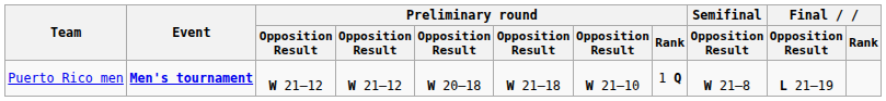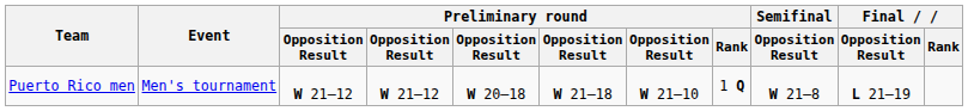 <table class=wikitable style=font-size:90%;text-align:center>
 <tr>
 <th rowspan=2>Team</th>
 <th rowspan=2>Event</th>
 <th colspan=6>Preliminary round</th>
 <th>Semifinal</th>
 <th colspan=2>Final /  / </th>
 </tr>
 <tr style=font-size:95%>
 <th>Opposition<br>Result</th>
 <th>Opposition<br>Result</th>
 <th>Opposition<br>Result</th>
 <th>Opposition<br>Result</th>
 <th>Opposition<br>Result</th>
 <th>Rank</th>
 <th>Opposition<br>Result</th>
 <th>Opposition<br>Result</th>
 <th>Rank</th>
 </tr>
 <tr>
 <td align=left><a href='#'>Puerto Rico men</a></td>
-<td align=left><strong><a href='#'>Men's tournament</a></strong></td>
+<td align=left><a href='#'>Men's tournament</a></td>
 <td><br><strong>W</strong> 21–12</td>
 <td><br><strong>W</strong> 21–12</td>
 <td><br><strong>W</strong> 20–18</td>
 <td><br><strong>W</strong> 21–18</td>
 <td><br><strong>W</strong> 21–10</td>
 <td>1 <strong>Q</strong></td>
 <td><br><strong>W</strong> 21–8</td>
 <td><br><strong>L</strong> 21–19</td>
 <td></td>
 </tr>
 </table>
